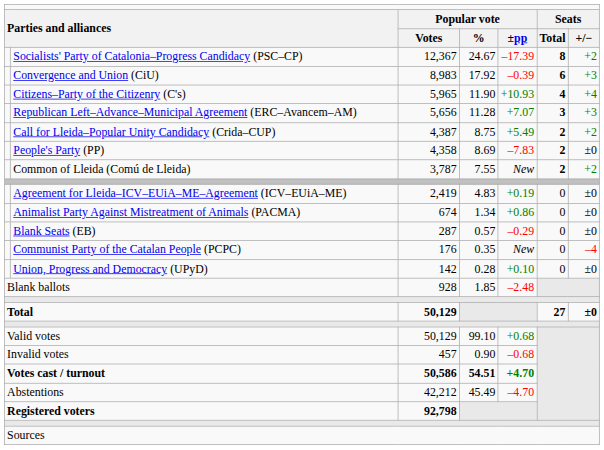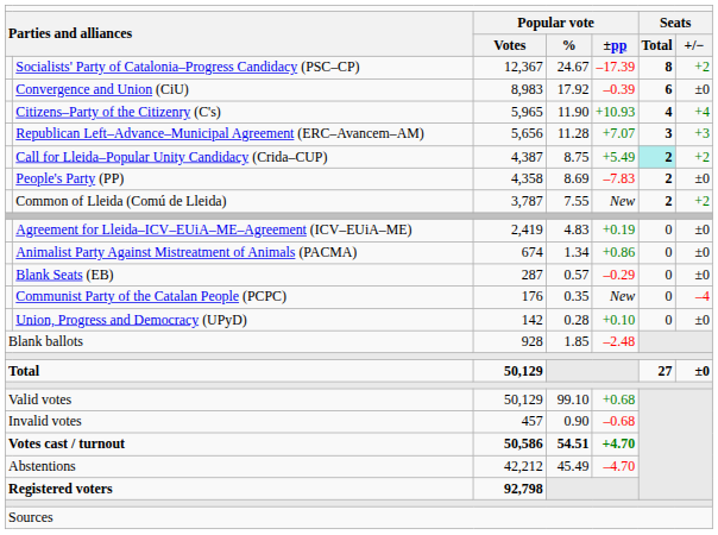 <table class="wikitable" style="text-align:right;">
 <tr>
 <td colspan="7"></td>
 </tr>
 <tr>
 <th style="text-align:left;" rowspan="2" colspan="2" width="525">Parties and alliances</th>
 <th colspan="3">Popular vote</th>
 <th colspan="2">Seats</th>
 </tr>
 <tr>
 <th width="75">Votes</th>
 <th width="45">%</th>
 <th width="45">±<a href='#'>pp</a></th>
 <th width="35">Total</th>
 <th width="35">+/−</th>
 </tr>
 <tr>
 <td width="1" style="color:inherit;background:"></td>
 <td align="left"><a href='#'>Socialists' Party of Catalonia–Progress Candidacy</a> (PSC–CP)</td>
 <td>12,367</td>
 <td>24.67</td>
 <td style="color:red;">–17.39</td>
 <td><strong>8</strong></td>
 <td style="color:green;">+2</td>
 </tr>
 <tr>
 <td style="color:inherit;background:"></td>
 <td align="left"><a href='#'>Convergence and Union</a> (CiU)</td>
 <td>8,983</td>
 <td>17.92</td>
 <td style="color:red;">–0.39</td>
 <td><strong>6</strong></td>
-<td style="color:green;">+3</td>
+<td>±0</td>
 </tr>
 <tr>
 <td style="color:inherit;background:"></td>
 <td align="left"><a href='#'>Citizens–Party of the Citizenry</a> (C's)</td>
 <td>5,965</td>
 <td>11.90</td>
 <td style="color:green;">+10.93</td>
 <td><strong>4</strong></td>
 <td style="color:green;">+4</td>
 </tr>
 <tr>
 <td style="color:inherit;background:"></td>
 <td align="left"><a href='#'>Republican Left–Advance–Municipal Agreement</a> (ERC–Avancem–AM)</td>
 <td>5,656</td>
 <td>11.28</td>
 <td style="color:green;">+7.07</td>
 <td><strong>3</strong></td>
 <td style="color:green;">+3</td>
 </tr>
 <tr>
 <td style="color:inherit;background:"></td>
 <td align="left"><a href='#'>Call for Lleida–Popular Unity Candidacy</a> (Crida–CUP)</td>
 <td>4,387</td>
 <td>8.75</td>
 <td style="color:green;">+5.49</td>
-<td><strong>2</strong></td>
+<td style="background: paleturquoise;"><strong>2</strong></td>
 <td style="color:green;">+2</td>
 </tr>
 <tr>
 <td style="color:inherit;background:"></td>
 <td align="left"><a href='#'>People's Party</a> (PP)</td>
 <td>4,358</td>
 <td>8.69</td>
 <td style="color:red;">–7.83</td>
 <td><strong>2</strong></td>
 <td>±0</td>
 </tr>
 <tr>
 <td style="color:inherit;background:"></td>
 <td align="left">Common of Lleida (Comú de Lleida)</td>
 <td>3,787</td>
 <td>7.55</td>
 <td><em>New</em></td>
 <td><strong>2</strong></td>
 <td style="color:green;">+2</td>
 </tr>
 <tr>
 <td colspan="7" style="color:inherit;background:#C0C0C0"></td>
 </tr>
 <tr>
 <td style="color:inherit;background:"></td>
 <td align="left"><a href='#'>Agreement for Lleida–ICV–EUiA–ME–Agreement</a> (ICV–EUiA–ME)</td>
 <td>2,419</td>
 <td>4.83</td>
 <td style="color:green;">+0.19</td>
 <td>0</td>
 <td>±0</td>
 </tr>
 <tr>
 <td style="color:inherit;background:"></td>
 <td align="left"><a href='#'>Animalist Party Against Mistreatment of Animals</a> (PACMA)</td>
 <td>674</td>
 <td>1.34</td>
 <td style="color:green;">+0.86</td>
 <td>0</td>
 <td>±0</td>
 </tr>
 <tr>
 <td style="color:inherit;background:"></td>
 <td align="left"><a href='#'>Blank Seats</a> (EB)</td>
 <td>287</td>
 <td>0.57</td>
 <td style="color:red;">–0.29</td>
 <td>0</td>
 <td>±0</td>
 </tr>
 <tr>
 <td style="color:inherit;background:"></td>
 <td align="left"><a href='#'>Communist Party of the Catalan People</a> (PCPC)</td>
 <td>176</td>
 <td>0.35</td>
 <td><em>New</em></td>
 <td>0</td>
 <td style="color:red;">–4</td>
 </tr>
 <tr>
 <td style="color:inherit;background:"></td>
 <td align="left"><a href='#'>Union, Progress and Democracy</a> (UPyD)</td>
 <td>142</td>
 <td>0.28</td>
 <td style="color:green;">+0.10</td>
 <td>0</td>
 <td>±0</td>
 </tr>
 <tr>
 <td align="left" colspan="2">Blank ballots</td>
 <td>928</td>
 <td>1.85</td>
 <td style="color:red;">–2.48</td>
 <td style="color:inherit;background:#E9E9E9" colspan="2"></td>
 </tr>
 <tr>
 <td colspan="7" style="color:inherit;background:#E9E9E9"></td>
 </tr>
 <tr style="font-weight:bold;">
 <td align="left" colspan="2">Total</td>
 <td>50,129</td>
 <td bgcolor="#E9E9E9" colspan="2"></td>
 <td>27</td>
 <td>±0</td>
 </tr>
 <tr>
 <td colspan="7" style="color:inherit;background:#E9E9E9"></td>
 </tr>
 <tr>
 <td align="left" colspan="2">Valid votes</td>
 <td>50,129</td>
 <td>99.10</td>
 <td style="color:green;">+0.68</td>
 <td bgcolor="#E9E9E9" colspan="2" rowspan="5"></td>
 </tr>
 <tr>
 <td align="left" colspan="2">Invalid votes</td>
 <td>457</td>
 <td>0.90</td>
 <td style="color:red;">–0.68</td>
 </tr>
 <tr style="font-weight:bold;">
 <td align="left" colspan="2">Votes cast / turnout</td>
 <td>50,586</td>
 <td>54.51</td>
 <td style="color:green;">+4.70</td>
 </tr>
 <tr>
 <td align="left" colspan="2">Abstentions</td>
 <td>42,212</td>
 <td>45.49</td>
 <td style="color:red;">–4.70</td>
 </tr>
 <tr style="font-weight:bold;">
 <td align="left" colspan="2">Registered voters</td>
 <td>92,798</td>
 <td bgcolor="#E9E9E9" colspan="2"></td>
 </tr>
 <tr>
 <td colspan="7" style="color:inherit;background:#E9E9E9"></td>
 </tr>
 <tr>
 <td align="left" colspan="7">Sources</td>
 </tr>
 </table>
